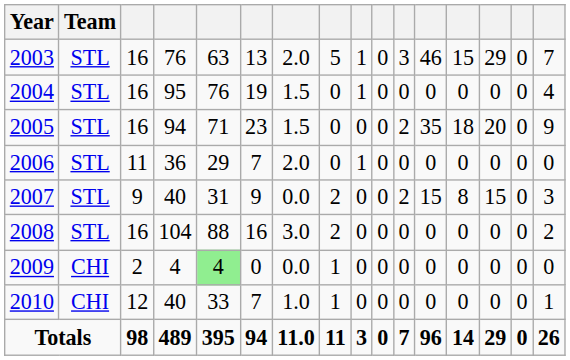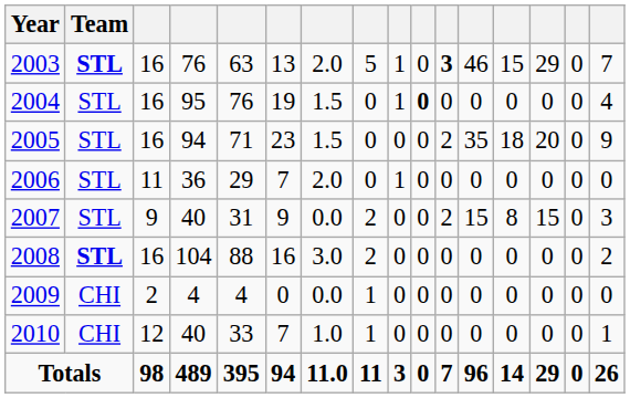 <table class="wikitable sortable" style="text-align: center;">
 <tr>
 <th>Year</th>
 <th>Team</th>
 <th></th>
 <th></th>
 <th></th>
 <th></th>
 <th></th>
 <th></th>
 <th></th>
 <th></th>
 <th></th>
 <th></th>
 <th></th>
 <th></th>
 <th></th>
 <th></th>
 </tr>
 <tr>
 <td><a href='#'>2003</a></td>
-<td><a href='#'>STL</a></td>
+<td><strong><a href='#'>STL</a></strong></td>
 <td>16</td>
 <td>76</td>
 <td>63</td>
 <td>13</td>
 <td>2.0</td>
 <td>5</td>
 <td>1</td>
 <td>0</td>
-<td>3</td>
+<td><strong>3</strong></td>
 <td>46</td>
 <td>15</td>
 <td>29</td>
 <td>0</td>
 <td>7</td>
 </tr>
 <tr>
 <td><a href='#'>2004</a></td>
 <td><a href='#'>STL</a></td>
 <td>16</td>
 <td>95</td>
 <td>76</td>
 <td>19</td>
 <td>1.5</td>
 <td>0</td>
 <td>1</td>
-<td>0</td>
+<td><strong>0</strong></td>
 <td>0</td>
 <td>0</td>
 <td>0</td>
 <td>0</td>
 <td>0</td>
 <td>4</td>
 </tr>
 <tr>
 <td><a href='#'>2005</a></td>
 <td><a href='#'>STL</a></td>
 <td>16</td>
 <td>94</td>
 <td>71</td>
 <td>23</td>
 <td>1.5</td>
 <td>0</td>
 <td>0</td>
 <td>0</td>
 <td>2</td>
 <td>35</td>
 <td>18</td>
 <td>20</td>
 <td>0</td>
 <td>9</td>
 </tr>
 <tr>
 <td><a href='#'>2006</a></td>
 <td><a href='#'>STL</a></td>
 <td>11</td>
 <td>36</td>
 <td>29</td>
 <td>7</td>
 <td>2.0</td>
 <td>0</td>
 <td>1</td>
 <td>0</td>
 <td>0</td>
 <td>0</td>
 <td>0</td>
 <td>0</td>
 <td>0</td>
 <td>0</td>
 </tr>
 <tr>
 <td><a href='#'>2007</a></td>
 <td><a href='#'>STL</a></td>
 <td>9</td>
 <td>40</td>
 <td>31</td>
 <td>9</td>
 <td>0.0</td>
 <td>2</td>
 <td>0</td>
 <td>0</td>
 <td>2</td>
 <td>15</td>
 <td>8</td>
 <td>15</td>
 <td>0</td>
 <td>3</td>
 </tr>
 <tr>
 <td><a href='#'>2008</a></td>
-<td><a href='#'>STL</a></td>
+<td><strong><a href='#'>STL</a></strong></td>
 <td>16</td>
 <td>104</td>
 <td>88</td>
 <td>16</td>
 <td>3.0</td>
 <td>2</td>
 <td>0</td>
 <td>0</td>
 <td>0</td>
 <td>0</td>
 <td>0</td>
 <td>0</td>
 <td>0</td>
 <td>2</td>
 </tr>
 <tr>
 <td><a href='#'>2009</a></td>
 <td><a href='#'>CHI</a></td>
 <td>2</td>
 <td>4</td>
-<td style="background: lightgreen;">4</td>
+<td>4</td>
 <td>0</td>
 <td>0.0</td>
 <td>1</td>
 <td>0</td>
 <td>0</td>
 <td>0</td>
 <td>0</td>
 <td>0</td>
 <td>0</td>
 <td>0</td>
 <td>0</td>
 </tr>
 <tr>
 <td><a href='#'>2010</a></td>
 <td><a href='#'>CHI</a></td>
 <td>12</td>
 <td>40</td>
 <td>33</td>
 <td>7</td>
 <td>1.0</td>
 <td>1</td>
 <td>0</td>
 <td>0</td>
 <td>0</td>
 <td>0</td>
 <td>0</td>
 <td>0</td>
 <td>0</td>
 <td>1</td>
 </tr>
 <tr class="sortbottom">
 <td colspan="2"><strong>Totals</strong></td>
 <td><strong>98</strong></td>
 <td><strong>489</strong></td>
 <td><strong>395</strong></td>
 <td><strong>94</strong></td>
 <td><strong>11.0</strong></td>
 <td><strong>11</strong></td>
 <td><strong>3</strong></td>
 <td><strong>0</strong></td>
 <td><strong>7</strong></td>
 <td><strong>96</strong></td>
 <td><strong>14</strong></td>
 <td><strong>29</strong></td>
 <td><strong>0</strong></td>
 <td><strong>26</strong></td>
 </tr>
 </table>
